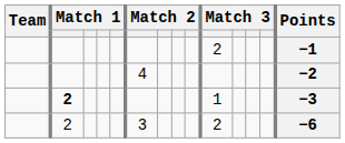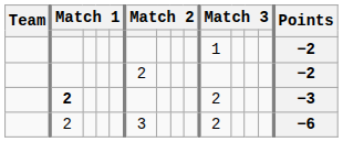 <table class="wikitable sortable" style="text-align:center;">
 <tr>
 <th rowspan=2>Team</th>
 <th colspan=4 style="border-left:3px solid gray">Match 1</th>
 <th colspan=4 style="border-left:3px solid gray">Match 2</th>
 <th colspan=4 style="border-left:3px solid gray">Match 3</th>
 <th rowspan=2 style="border-left:3px solid gray">Points</th>
 </tr>
 <tr>
 <th style="border-left:3px solid gray"></th>
 <th></th>
 <th></th>
 <th></th>
 <th style="border-left:3px solid gray"></th>
 <th></th>
 <th></th>
 <th></th>
 <th style="border-left:3px solid gray"></th>
 <th></th>
 <th></th>
 <th></th>
 </tr>
 <tr>
 <td align=left></td>
 <td style="border-left:3px solid gray"></td>
 <td></td>
 <td></td>
 <td></td>
 <td style="border-left:3px solid gray"></td>
 <td></td>
 <td></td>
 <td></td>
-<td style="border-left:3px solid gray">2</td>
+<td style="border-left:3px solid gray">1</td>
 <td></td>
 <td></td>
 <td></td>
-<th style="border-left:3px solid gray">−1</th>
+<th style="border-left:3px solid gray">−2</th>
 </tr>
 <tr>
 <td align=left></td>
 <td style="border-left:3px solid gray"></td>
 <td></td>
 <td></td>
 <td></td>
-<td style="border-left:3px solid gray">4</td>
+<td style="border-left:3px solid gray">2</td>
 <td></td>
 <td></td>
 <td></td>
 <td style="border-left:3px solid gray"></td>
 <td></td>
 <td></td>
 <td></td>
 <th style="border-left:3px solid gray">−2</th>
 </tr>
 <tr>
 <td align=left></td>
 <td style="border-left:3px solid gray"><strong>2</strong></td>
 <td></td>
 <td></td>
 <td></td>
 <td style="border-left:3px solid gray"></td>
 <td></td>
 <td></td>
 <td></td>
-<td style="border-left:3px solid gray">1</td>
+<td style="border-left:3px solid gray">2</td>
 <td></td>
 <td></td>
 <td></td>
 <th style="border-left:3px solid gray">−3</th>
 </tr>
 <tr>
 <td align=left></td>
 <td style="border-left:3px solid gray">2</td>
 <td></td>
 <td></td>
 <td></td>
 <td style="border-left:3px solid gray">3</td>
 <td></td>
 <td></td>
 <td></td>
 <td style="border-left:3px solid gray">2</td>
 <td></td>
 <td></td>
 <td></td>
 <th style="border-left:3px solid gray">−6</th>
 </tr>
 </table>
